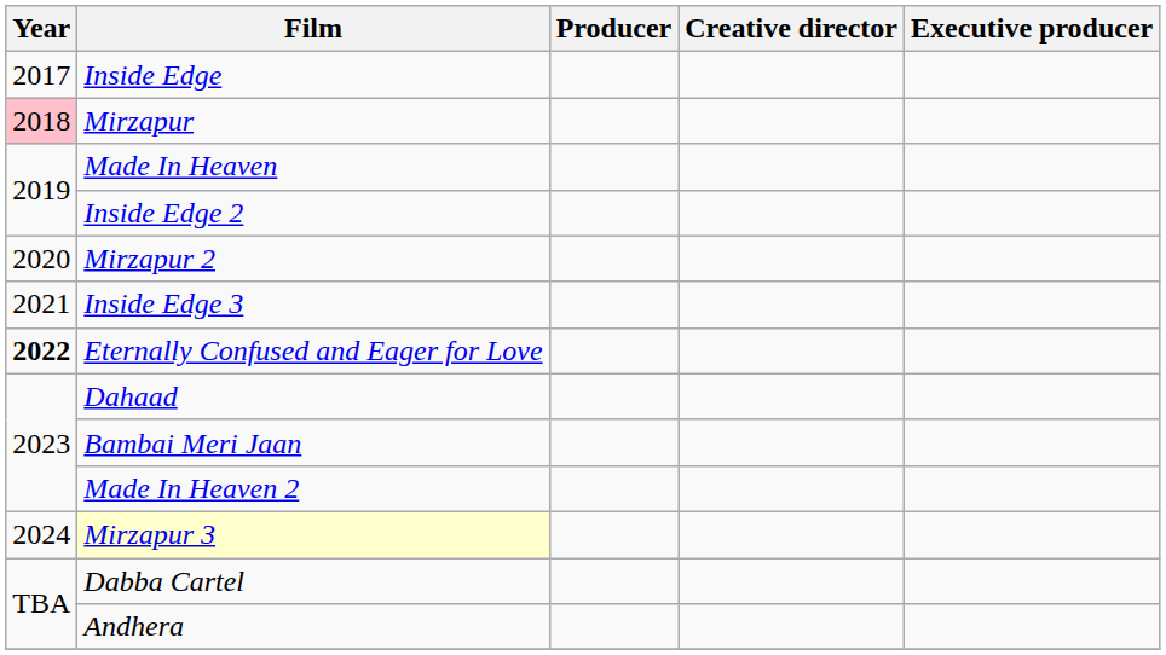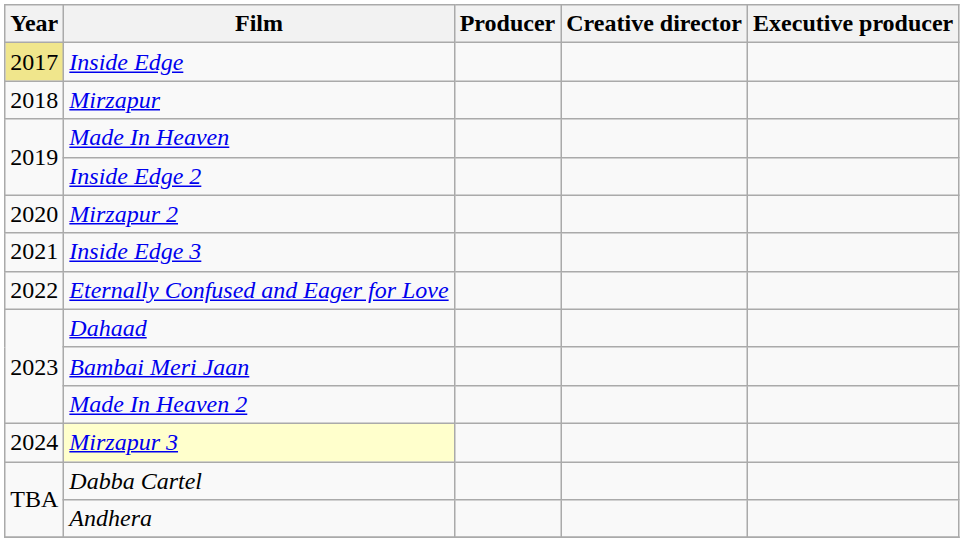 <table class="wikitable sortable">
 <tr>
 <th>Year</th>
 <th>Film</th>
 <th>Producer</th>
 <th>Creative director</th>
 <th>Executive producer</th>
 </tr>
 <tr>
-<td style="text-align:center;">2017</td>
+<td style="background: khaki; text-align:center;">2017</td>
 <td><em><a href='#'>Inside Edge</a></em></td>
 <td></td>
 <td></td>
 <td></td>
 </tr>
 <tr>
-<td style="background: pink; text-align:center;">2018</td>
+<td style="text-align:center;">2018</td>
 <td><em><a href='#'>Mirzapur</a></em></td>
 <td></td>
 <td></td>
 <td></td>
 </tr>
 <tr>
 <td rowspan="2" style="text-align:center;">2019</td>
 <td><em><a href='#'>Made In Heaven</a></em></td>
 <td></td>
 <td></td>
 <td></td>
 </tr>
 <tr>
 <td><em><a href='#'>Inside Edge 2</a></em></td>
 <td></td>
 <td></td>
 <td></td>
 </tr>
 <tr>
 <td style="text-align:center;">2020</td>
 <td><em><a href='#'>Mirzapur 2</a></em></td>
 <td></td>
 <td></td>
 <td></td>
 </tr>
 <tr>
 <td style="text-align:center;">2021</td>
 <td><em><a href='#'>Inside Edge 3</a></em></td>
 <td></td>
 <td></td>
 <td></td>
 </tr>
 <tr>
-<td style="text-align:center;"><strong>2022</strong></td>
+<td style="text-align:center;">2022</td>
 <td><em><a href='#'>Eternally Confused and Eager for Love</a></em></td>
 <td></td>
 <td></td>
 <td></td>
 </tr>
 <tr>
 <td rowspan="3" style="text-align:center;">2023</td>
 <td><em><a href='#'>Dahaad</a></em></td>
 <td></td>
 <td></td>
 <td></td>
 </tr>
 <tr>
 <td><em><a href='#'>Bambai Meri Jaan</a></em></td>
 <td></td>
 <td></td>
 <td></td>
 </tr>
 <tr>
 <td><em><a href='#'>Made In Heaven 2</a></em></td>
 <td></td>
 <td></td>
 <td></td>
 </tr>
 <tr>
 <td style="text-align:center;">2024</td>
 <td style="background:#ffc;"><em><a href='#'>Mirzapur 3</a></em></td>
 <td></td>
 <td></td>
 <td></td>
 </tr>
 <tr>
 <td rowspan="2" style="text-align:center;">TBA</td>
 <td><em>Dabba Cartel</em></td>
 <td></td>
 <td></td>
 <td></td>
 </tr>
 <tr>
 <td><em>Andhera</em></td>
 <td></td>
 <td></td>
 <td></td>
 </tr>
 <tr>
 </tr>
 </table>
